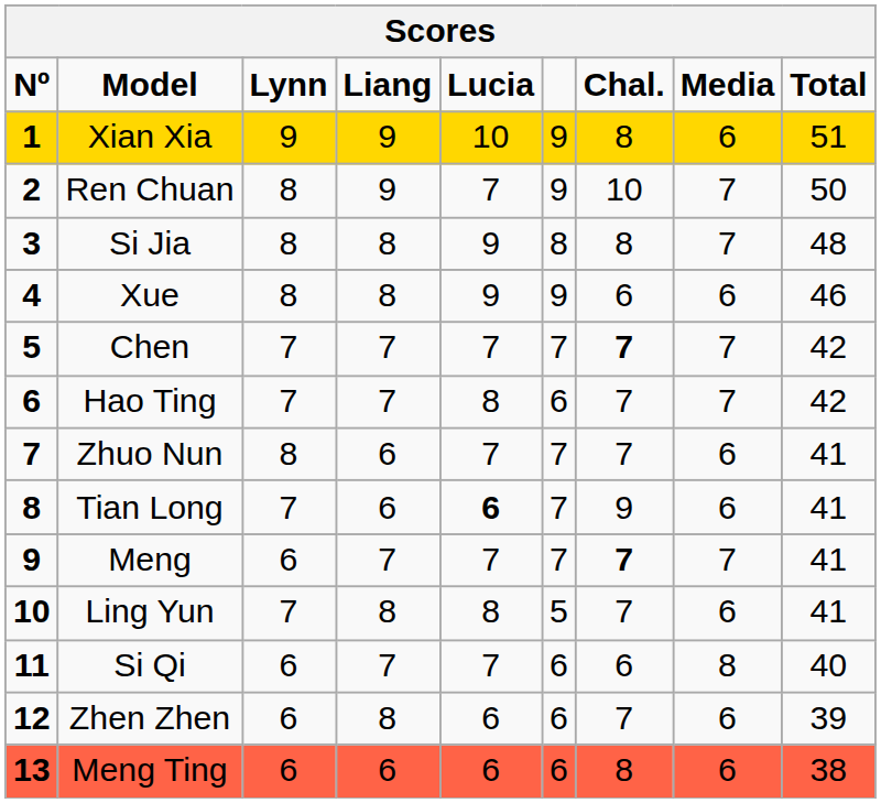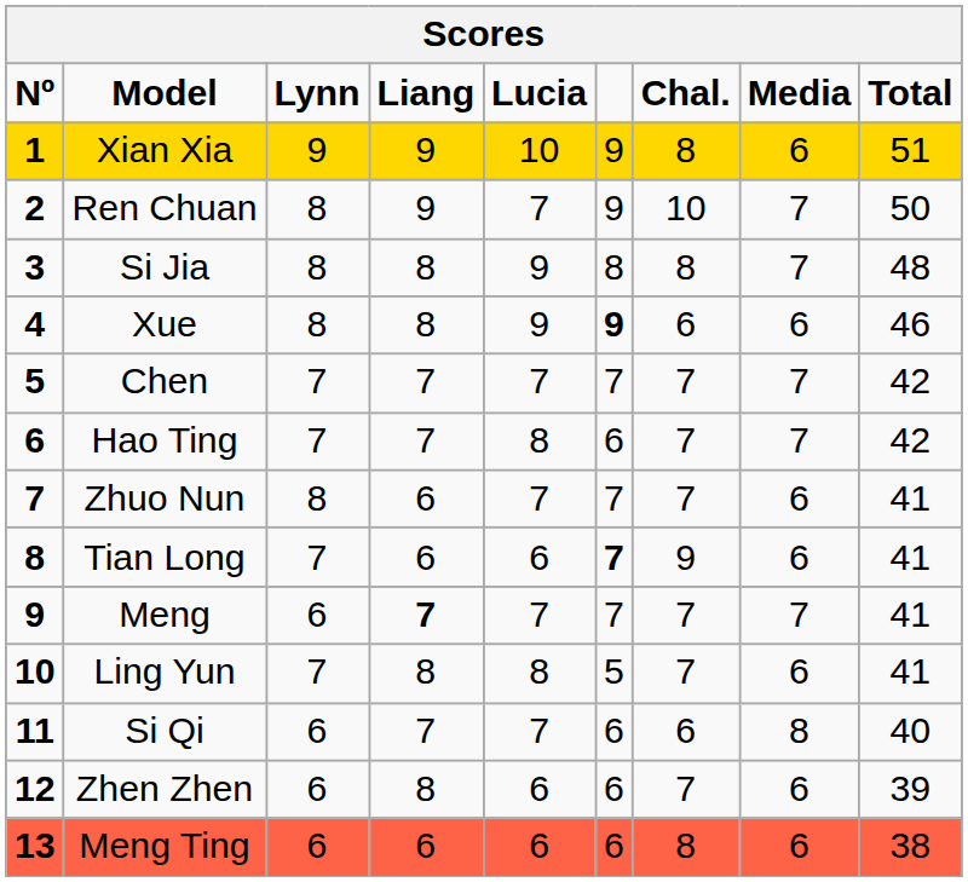 <table class="wikitable collapsible autocollapse" style="text-align:center;">
 <tr>
 <th colspan="9">Scores</th>
 </tr>
 <tr>
 <td><strong>Nº</strong></td>
 <td><strong>Model</strong></td>
 <td><strong>Lynn</strong></td>
 <td><strong>Liang</strong></td>
 <td><strong>Lucia</strong></td>
 <td></td>
 <td><strong>Chal.</strong></td>
 <td><strong>Media</strong></td>
 <td><strong>Total</strong></td>
 </tr>
 <tr>
 <td style="background:gold"><strong>1</strong></td>
 <td style="background:gold">Xian Xia</td>
 <td style="background:gold">9</td>
 <td style="background:gold">9</td>
 <td style="background:gold">10</td>
 <td style="background:gold">9</td>
 <td style="background:gold">8</td>
 <td style="background:gold">6</td>
 <td style="background:gold">51</td>
 </tr>
 <tr>
 <td><strong>2</strong></td>
 <td>Ren Chuan</td>
 <td>8</td>
 <td>9</td>
 <td>7</td>
 <td>9</td>
 <td>10</td>
 <td>7</td>
 <td>50</td>
 </tr>
 <tr>
 <td><strong>3</strong></td>
 <td>Si Jia</td>
 <td>8</td>
 <td>8</td>
 <td>9</td>
 <td>8</td>
 <td>8</td>
 <td>7</td>
 <td>48</td>
 </tr>
 <tr>
 <td><strong>4</strong></td>
 <td>Xue</td>
 <td>8</td>
 <td>8</td>
 <td>9</td>
-<td>9</td>
+<td><strong>9</strong></td>
 <td>6</td>
 <td>6</td>
 <td>46</td>
 </tr>
 <tr>
 <td><strong>5</strong></td>
 <td>Chen</td>
 <td>7</td>
 <td>7</td>
 <td>7</td>
 <td>7</td>
-<td><strong>7</strong></td>
+<td>7</td>
 <td>7</td>
 <td>42</td>
 </tr>
 <tr>
 <td><strong>6</strong></td>
 <td>Hao Ting</td>
 <td>7</td>
 <td>7</td>
 <td>8</td>
 <td>6</td>
 <td>7</td>
 <td>7</td>
 <td>42</td>
 </tr>
 <tr>
 <td><strong>7</strong></td>
 <td>Zhuo Nun</td>
 <td>8</td>
 <td>6</td>
 <td>7</td>
 <td>7</td>
 <td>7</td>
 <td>6</td>
 <td>41</td>
 </tr>
 <tr>
 <td><strong>8</strong></td>
 <td>Tian Long</td>
 <td>7</td>
 <td>6</td>
-<td><strong>6</strong></td>
-<td>7</td>
+<td>6</td>
+<td><strong>7</strong></td>
 <td>9</td>
 <td>6</td>
 <td>41</td>
 </tr>
 <tr>
 <td><strong>9</strong></td>
 <td>Meng</td>
 <td>6</td>
+<td><strong>7</strong></td>
 <td>7</td>
 <td>7</td>
 <td>7</td>
-<td><strong>7</strong></td>
 <td>7</td>
 <td>41</td>
 </tr>
 <tr>
 <td><strong>10</strong></td>
 <td>Ling Yun</td>
 <td>7</td>
 <td>8</td>
 <td>8</td>
 <td>5</td>
 <td>7</td>
 <td>6</td>
 <td>41</td>
 </tr>
 <tr>
 <td><strong>11</strong></td>
 <td>Si Qi</td>
 <td>6</td>
 <td>7</td>
 <td>7</td>
 <td>6</td>
 <td>6</td>
 <td>8</td>
 <td>40</td>
 </tr>
 <tr>
 <td><strong>12</strong></td>
 <td>Zhen Zhen</td>
 <td>6</td>
 <td>8</td>
 <td>6</td>
 <td>6</td>
 <td>7</td>
 <td>6</td>
 <td>39</td>
 </tr>
 <tr>
 <td style="background:tomato"><strong>13</strong></td>
 <td style="background:tomato">Meng Ting</td>
 <td style="background:tomato">6</td>
 <td style="background:tomato">6</td>
 <td style="background:tomato">6</td>
 <td style="background:tomato">6</td>
 <td style="background:tomato">8</td>
 <td style="background:tomato">6</td>
 <td style="background:tomato">38</td>
 </tr>
 </table>
